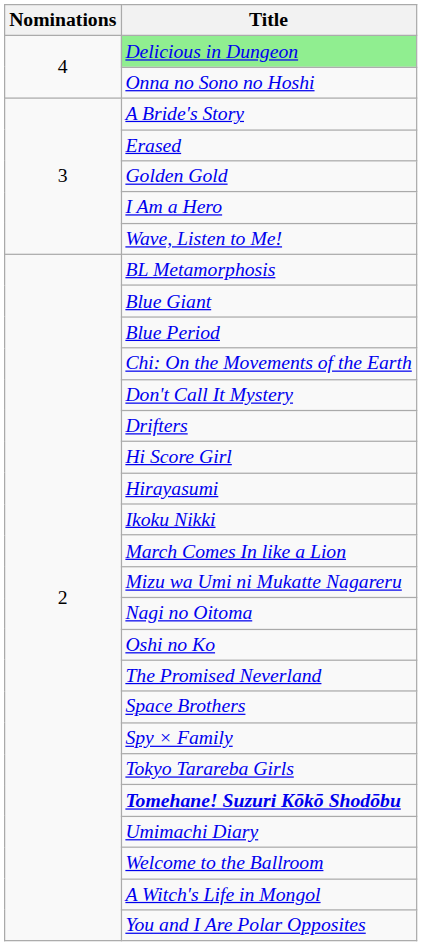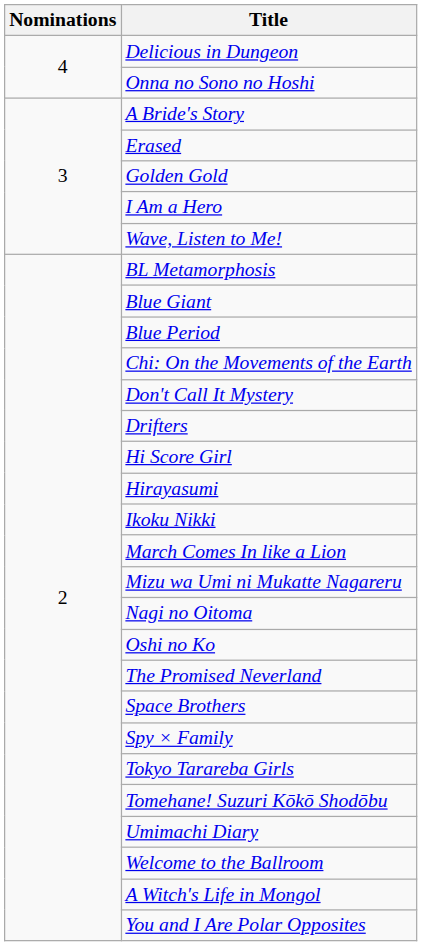 <table class="wikitable">
 <tr>
 <th scope="col" width="55" style="text-align: center;">Nominations</th>
 <th scope="col">Title</th>
 </tr>
 <tr>
 <td style="text-align: center;"  rowspan=2>4</td>
-<td style="background: lightgreen;"><em><a href='#'>Delicious in Dungeon</a></em></td>
+<td><em><a href='#'>Delicious in Dungeon</a></em></td>
 </tr>
 <tr>
 <td><em><a href='#'>Onna no Sono no Hoshi</a></em></td>
 </tr>
 <tr>
 <td style="text-align: center;" rowspan=5>3</td>
 <td><em><a href='#'>A Bride's Story</a></em> </td>
 </tr>
 <tr>
 <td><em><a href='#'>Erased</a></em></td>
 </tr>
 <tr>
 <td><em><a href='#'>Golden Gold</a></em></td>
 </tr>
 <tr>
 <td><em><a href='#'>I Am a Hero</a></em></td>
 </tr>
 <tr>
 <td><em><a href='#'>Wave, Listen to Me!</a></em></td>
 </tr>
 <tr>
 <td style="text-align: center;" rowspan=22>2</td>
 <td><em><a href='#'>BL Metamorphosis</a></em></td>
 </tr>
 <tr>
 <td><em><a href='#'>Blue Giant</a></em></td>
 </tr>
 <tr>
 <td><em><a href='#'>Blue Period</a></em> </td>
 </tr>
 <tr>
 <td><em><a href='#'>Chi: On the Movements of the Earth</a></em></td>
 </tr>
 <tr>
 <td><em><a href='#'>Don't Call It Mystery</a></em></td>
 </tr>
 <tr>
 <td><em><a href='#'>Drifters</a></em></td>
 </tr>
 <tr>
 <td><em><a href='#'>Hi Score Girl</a></em></td>
 </tr>
 <tr>
 <td><em><a href='#'>Hirayasumi</a></em></td>
 </tr>
 <tr>
 <td><em><a href='#'>Ikoku Nikki</a></em></td>
 </tr>
 <tr>
 <td><em><a href='#'>March Comes In like a Lion</a></em> </td>
 </tr>
 <tr>
 <td><em><a href='#'>Mizu wa Umi ni Mukatte Nagareru</a></em></td>
 </tr>
 <tr>
 <td><em><a href='#'>Nagi no Oitoma</a></em></td>
 </tr>
 <tr>
 <td><em><a href='#'>Oshi no Ko</a></em></td>
 </tr>
 <tr>
 <td><em><a href='#'>The Promised Neverland</a></em></td>
 </tr>
 <tr>
 <td><em><a href='#'>Space Brothers</a></em></td>
 </tr>
 <tr>
 <td><em><a href='#'>Spy × Family</a></em></td>
 </tr>
 <tr>
 <td><em><a href='#'>Tokyo Tarareba Girls</a></em></td>
 </tr>
 <tr>
-<td><strong><em><a href='#'>Tomehane! Suzuri Kōkō Shodōbu</a></em></strong></td>
+<td><em><a href='#'>Tomehane! Suzuri Kōkō Shodōbu</a></em></td>
 </tr>
 <tr>
 <td><em><a href='#'>Umimachi Diary</a></em> </td>
 </tr>
 <tr>
 <td><em><a href='#'>Welcome to the Ballroom</a></em></td>
 </tr>
 <tr>
 <td><em><a href='#'>A Witch's Life in Mongol</a></em></td>
 </tr>
 <tr>
 <td><em><a href='#'>You and I Are Polar Opposites</a></em></td>
 </tr>
 </table>
